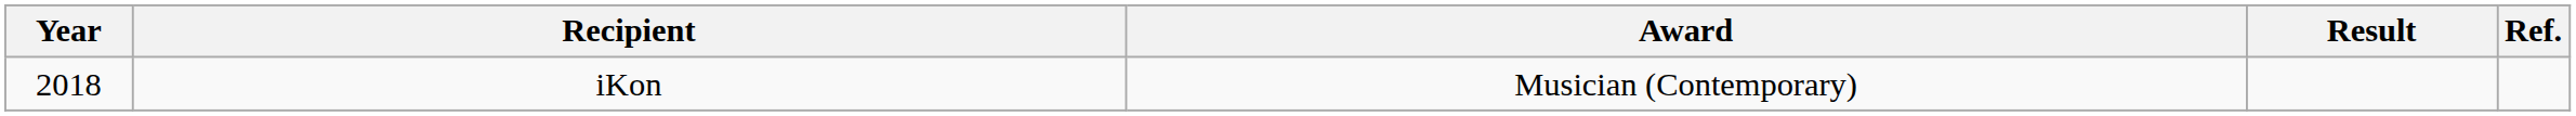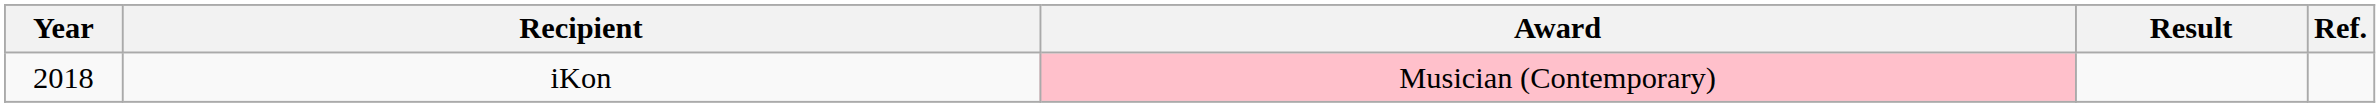 <table class="wikitable" style="text-align:center">
 <tr>
 <th width=5%>Year</th>
 <th style="width:40%;">Recipient</th>
 <th style="width:45%;">Award</th>
 <th style="width:10%;">Result</th>
 <th style="width:5%;">Ref.</th>
 </tr>
 <tr>
 <td rowspan="2">2018</td>
 <td>iKon</td>
-<td>Musician (Contemporary)</td>
+<td style="background: pink;">Musician (Contemporary)</td>
 <td></td>
 <td></td>
 </tr>
 </table>
